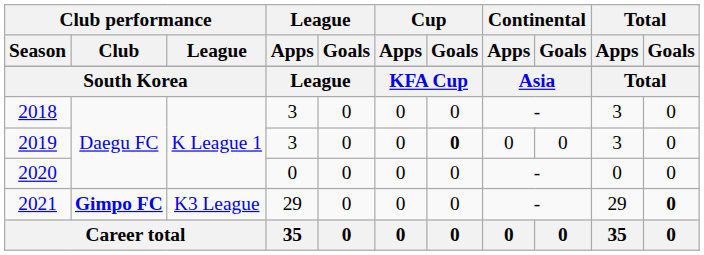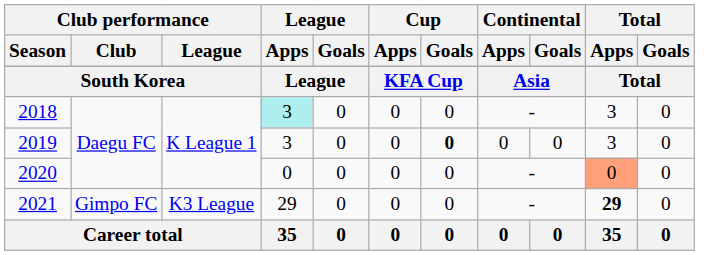 <table class="wikitable" style="text-align:center">
 <tr>
 <th colspan=3>Club performance</th>
 <th colspan=2>League</th>
 <th colspan=2>Cup</th>
 <th colspan=2>Continental</th>
 <th colspan=2>Total</th>
 </tr>
 <tr>
 <th>Season</th>
 <th>Club</th>
 <th>League</th>
 <th>Apps</th>
 <th>Goals</th>
 <th>Apps</th>
 <th>Goals</th>
 <th>Apps</th>
 <th>Goals</th>
 <th>Apps</th>
 <th>Goals</th>
 </tr>
 <tr>
 </tr>
 <tr>
 <th colspan=3>South Korea</th>
 <th colspan=2>League</th>
 <th colspan=2><a href='#'>KFA Cup</a></th>
 <th colspan=2><a href='#'>Asia</a></th>
 <th colspan=2>Total</th>
 </tr>
 <tr>
 <td><a href='#'>2018</a></td>
 <td rowspan="3"><a href='#'>Daegu FC</a></td>
 <td rowspan="3"><a href='#'>K League 1</a></td>
-<td>3</td>
+<td style="background: paleturquoise;">3</td>
 <td>0</td>
 <td>0</td>
 <td>0</td>
 <td colspan="2">-</td>
 <td>3</td>
 <td>0</td>
 </tr>
 <tr>
 <td><a href='#'>2019</a></td>
 <td>3</td>
 <td>0</td>
 <td>0</td>
 <td><strong>0</strong></td>
 <td>0</td>
 <td>0</td>
 <td>3</td>
 <td>0</td>
 </tr>
 <tr>
 <td><a href='#'>2020</a></td>
 <td>0</td>
 <td>0</td>
 <td>0</td>
 <td>0</td>
 <td colspan="2">-</td>
-<td>0</td>
+<td style="background: lightsalmon;">0</td>
 <td>0</td>
 </tr>
 <tr>
 <td><a href='#'>2021</a></td>
-<td rowspan="1"><strong><a href='#'>Gimpo FC</a></strong></td>
+<td rowspan="1"><a href='#'>Gimpo FC</a></td>
 <td rowspan="1"><a href='#'>K3 League</a></td>
 <td>29</td>
 <td>0</td>
 <td>0</td>
 <td>0</td>
 <td colspan="2">-</td>
-<td>29</td>
-<td><strong>0</strong></td>
+<td><strong>29</strong></td>
+<td>0</td>
 </tr>
 <tr>
 <th colspan=3>Career total</th>
 <th>35</th>
 <th>0</th>
 <th>0</th>
 <th>0</th>
 <th>0</th>
 <th>0</th>
 <th>35</th>
 <th>0</th>
 </tr>
 </table>
